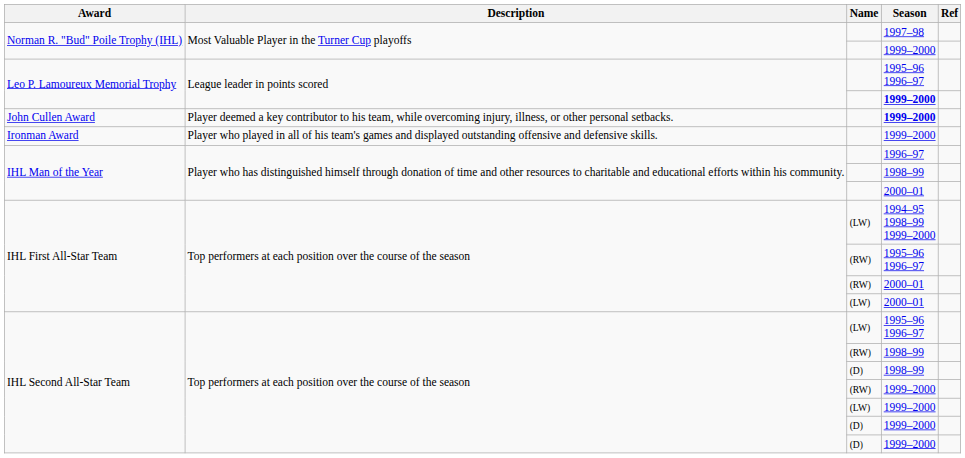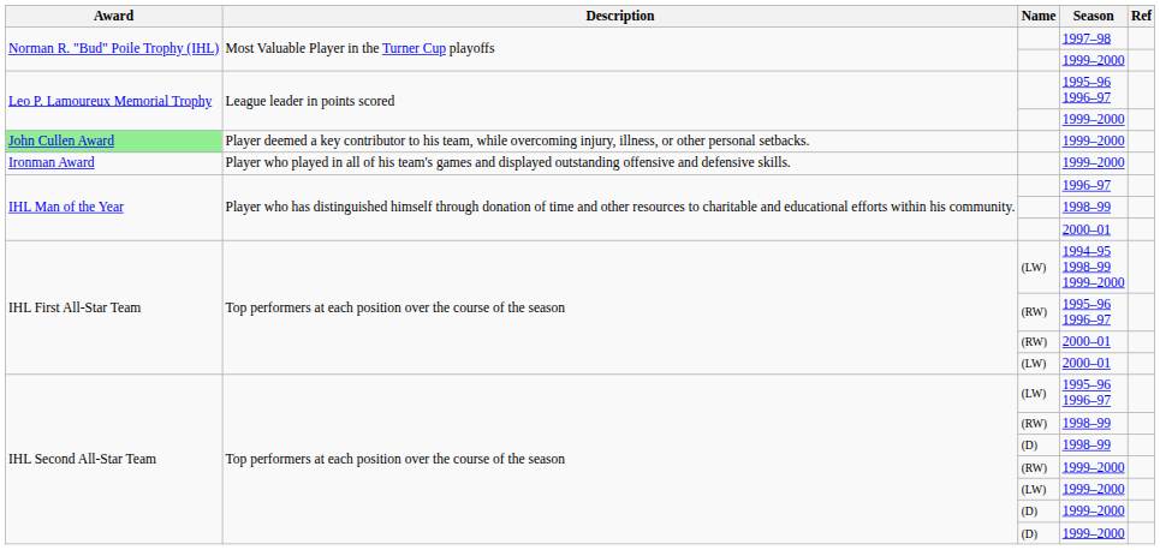 <table class="wikitable sortable">
 <tr>
 <th scope="col">Award</th>
 <th scope="col" class="unsortable">Description</th>
 <th scope="col">Name</th>
 <th scope="col">Season</th>
 <th scope="col" class="unsortable">Ref</th>
 </tr>
 <tr>
 <td scope=row rowspan="2"><a href='#'>Norman R. "Bud" Poile Trophy (IHL)</a></td>
 <td rowspan="2">Most Valuable Player in the <a href='#'>Turner Cup</a> playoffs</td>
 <td></td>
 <td><a href='#'>1997–98</a></td>
 <td></td>
 </tr>
 <tr>
 <td></td>
 <td><a href='#'>1999–2000</a></td>
 <td></td>
 </tr>
 <tr>
 <td scope=row rowspan="2"><a href='#'>Leo P. Lamoureux Memorial Trophy</a></td>
 <td rowspan="2">League leader in points scored</td>
 <td></td>
 <td><a href='#'>1995–96</a><br><a href='#'>1996–97</a></td>
 <td></td>
 </tr>
 <tr>
 <td></td>
-<td><strong><a href='#'>1999–2000</a></strong></td>
+<td><a href='#'>1999–2000</a></td>
 <td></td>
 </tr>
 <tr>
-<td scope=row><a href='#'>John Cullen Award</a></td>
+<td scope=row style="background: lightgreen;"><a href='#'>John Cullen Award</a></td>
 <td>Player deemed a key contributor to his team, while overcoming injury, illness, or other personal setbacks.</td>
 <td></td>
-<td><strong><a href='#'>1999–2000</a></strong></td>
+<td><a href='#'>1999–2000</a></td>
 <td></td>
 </tr>
 <tr>
 <td scope=row><a href='#'>Ironman Award</a></td>
 <td>Player who played in all of his team's games and displayed outstanding offensive and defensive skills.</td>
 <td></td>
 <td><a href='#'>1999–2000</a></td>
 <td></td>
 </tr>
 <tr>
 <td scope=row rowspan="3"><a href='#'>IHL Man of the Year</a></td>
 <td rowspan="3">Player who has distinguished himself through donation of time and other resources to charitable and educational efforts within his community.</td>
 <td></td>
 <td><a href='#'>1996–97</a></td>
 <td></td>
 </tr>
 <tr>
 <td></td>
 <td><a href='#'>1998–99</a></td>
 <td></td>
 </tr>
 <tr>
 <td></td>
 <td><a href='#'>2000–01</a></td>
 <td></td>
 </tr>
 <tr>
 <td scope=row rowspan="4">IHL First All-Star Team</td>
 <td rowspan="4">Top performers at each position over the course of the season</td>
 <td> <small>(LW)</small></td>
 <td><a href='#'>1994–95</a><br><a href='#'>1998–99</a><br><a href='#'>1999–2000</a></td>
 <td></td>
 </tr>
 <tr>
 <td> <small>(RW)</small></td>
 <td><a href='#'>1995–96</a><br><a href='#'>1996–97</a></td>
 <td></td>
 </tr>
 <tr>
 <td> <small>(RW)</small></td>
 <td><a href='#'>2000–01</a></td>
 <td></td>
 </tr>
 <tr>
 <td> <small>(LW)</small></td>
 <td><a href='#'>2000–01</a></td>
 <td></td>
 </tr>
 <tr>
 <td scope=row rowspan="7">IHL Second All-Star Team</td>
 <td rowspan="7">Top performers at each position over the course of the season</td>
 <td> <small>(LW)</small></td>
 <td><a href='#'>1995–96</a><br><a href='#'>1996–97</a></td>
 <td></td>
 </tr>
 <tr>
 <td> <small>(RW)</small></td>
 <td><a href='#'>1998–99</a></td>
 <td></td>
 </tr>
 <tr>
 <td> <small>(D)</small></td>
 <td><a href='#'>1998–99</a></td>
 <td></td>
 </tr>
 <tr>
 <td> <small>(RW)</small></td>
 <td><a href='#'>1999–2000</a></td>
 <td></td>
 </tr>
 <tr>
 <td> <small>(LW)</small></td>
 <td><a href='#'>1999–2000</a></td>
 <td></td>
 </tr>
 <tr>
 <td> <small>(D)</small></td>
 <td><a href='#'>1999–2000</a></td>
 <td></td>
 </tr>
 <tr>
 <td> <small>(D)</small></td>
 <td><a href='#'>1999–2000</a></td>
 <td></td>
 </tr>
 </table>
